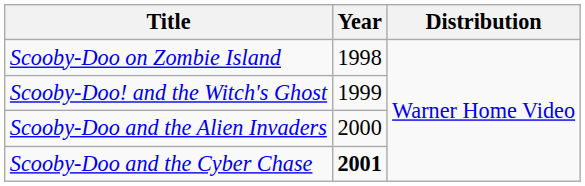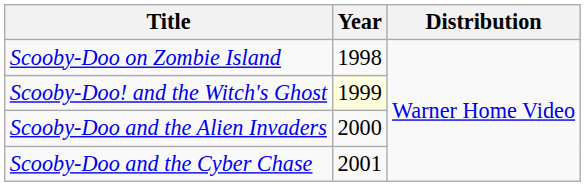 <table class="wikitable sortable">
 <tr>
 <th><strong>Title</strong></th>
 <th><strong>Year</strong></th>
 <th><strong>Distribution</strong></th>
 </tr>
 <tr>
 <td><em><a href='#'>Scooby-Doo on Zombie Island</a></em></td>
 <td>1998</td>
 <td rowspan="4"><a href='#'>Warner Home Video</a></td>
 </tr>
 <tr>
 <td><em><a href='#'>Scooby-Doo! and the Witch's Ghost</a></em></td>
-<td>1999</td>
+<td style="background: lightyellow;">1999</td>
 </tr>
 <tr>
 <td><em><a href='#'>Scooby-Doo and the Alien Invaders</a></em></td>
 <td>2000</td>
 </tr>
 <tr>
 <td><em><a href='#'>Scooby-Doo and the Cyber Chase</a></em></td>
-<td><strong>2001</strong></td>
+<td>2001</td>
 </tr>
 </table>
